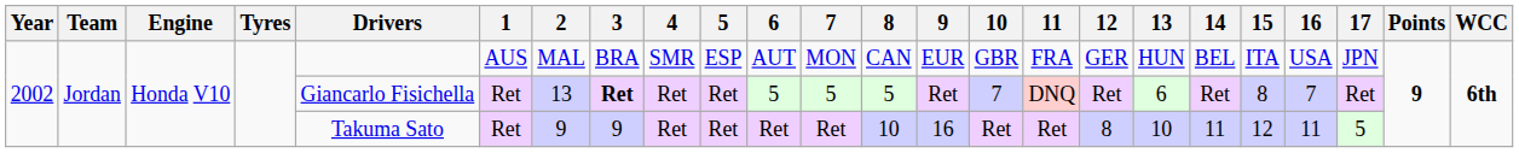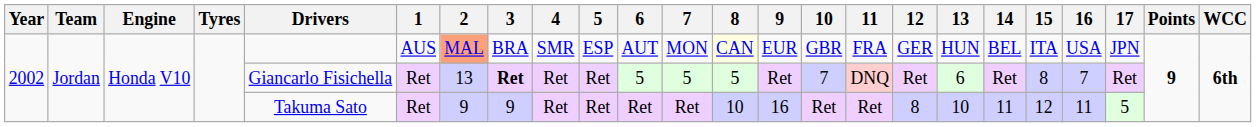 <table class="wikitable" style="text-align:center; font-size:95%">
 <tr>
 <th>Year</th>
 <th>Team</th>
 <th>Engine</th>
 <th>Tyres</th>
 <th>Drivers</th>
 <th>1</th>
 <th>2</th>
 <th>3</th>
 <th>4</th>
 <th>5</th>
 <th>6</th>
 <th>7</th>
 <th>8</th>
 <th>9</th>
 <th>10</th>
 <th>11</th>
 <th>12</th>
 <th>13</th>
 <th>14</th>
 <th>15</th>
 <th>16</th>
 <th>17</th>
 <th>Points</th>
 <th>WCC</th>
 </tr>
 <tr>
 <td rowspan="3"><a href='#'>2002</a></td>
 <td rowspan="3"><a href='#'>Jordan</a></td>
 <td rowspan="3"><a href='#'>Honda</a> <a href='#'>V10</a></td>
 <td rowspan="3"></td>
 <td></td>
 <td><a href='#'>AUS</a></td>
-<td><a href='#'>MAL</a></td>
+<td style="background: lightsalmon;"><a href='#'>MAL</a></td>
 <td><a href='#'>BRA</a></td>
 <td><a href='#'>SMR</a></td>
 <td><a href='#'>ESP</a></td>
 <td><a href='#'>AUT</a></td>
 <td><a href='#'>MON</a></td>
-<td><a href='#'>CAN</a></td>
+<td style="background: lightyellow;"><a href='#'>CAN</a></td>
 <td><a href='#'>EUR</a></td>
 <td><a href='#'>GBR</a></td>
 <td><a href='#'>FRA</a></td>
 <td><a href='#'>GER</a></td>
 <td><a href='#'>HUN</a></td>
 <td><a href='#'>BEL</a></td>
 <td><a href='#'>ITA</a></td>
 <td><a href='#'>USA</a></td>
 <td><a href='#'>JPN</a></td>
 <td rowspan="3"><strong>9</strong></td>
 <td rowspan="3"><strong>6th</strong></td>
 </tr>
 <tr>
 <td> <a href='#'>Giancarlo Fisichella</a></td>
 <td style="background:#EFCFFF;">Ret</td>
 <td style="background:#CFCFFF;">13</td>
 <td style="background:#EFCFFF;"><strong>Ret</strong></td>
 <td style="background:#EFCFFF;">Ret</td>
 <td style="background:#EFCFFF;">Ret</td>
 <td style="background:#DFFFDF;">5</td>
 <td style="background:#DFFFDF;">5</td>
 <td style="background:#DFFFDF;">5</td>
 <td style="background:#EFCFFF;">Ret</td>
 <td style="background:#CFCFFF;">7</td>
 <td style="background:#FFCFCF;">DNQ</td>
 <td style="background:#EFCFFF;">Ret</td>
 <td style="background:#DFFFDF;">6</td>
 <td style="background:#EFCFFF;">Ret</td>
 <td style="background:#CFCFFF;">8</td>
 <td style="background:#CFCFFF;">7</td>
 <td style="background:#EFCFFF;">Ret</td>
 </tr>
 <tr>
 <td>  <a href='#'>Takuma Sato</a></td>
 <td style="background:#EFCFFF;">Ret</td>
 <td style="background:#CFCFFF;">9</td>
 <td style="background:#CFCFFF;">9</td>
 <td style="background:#EFCFFF;">Ret</td>
 <td style="background:#EFCFFF;">Ret</td>
 <td style="background:#EFCFFF;">Ret</td>
 <td style="background:#EFCFFF;">Ret</td>
 <td style="background:#CFCFFF;">10</td>
 <td style="background:#CFCFFF;">16</td>
 <td style="background:#EFCFFF;">Ret</td>
 <td style="background:#EFCFFF;">Ret</td>
 <td style="background:#CFCFFF;">8</td>
 <td style="background:#CFCFFF;">10</td>
 <td style="background:#CFCFFF;">11</td>
 <td style="background:#CFCFFF;">12</td>
 <td style="background:#CFCFFF;">11</td>
 <td style="background:#DFFFDF;">5</td>
 </tr>
 </table>
